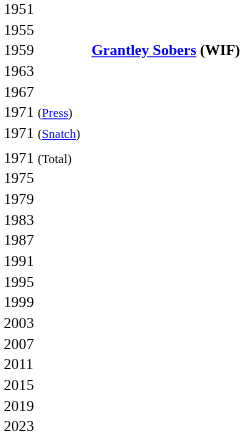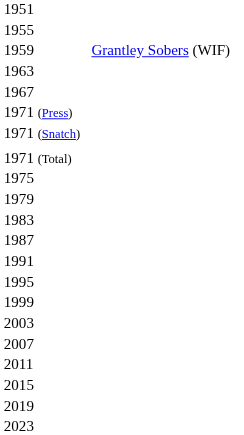 <table>
 <tr>
 <td>1951</td>
 <td></td>
 <td></td>
 <td></td>
 </tr>
 <tr>
 <td>1955</td>
 <td></td>
 <td></td>
 <td></td>
 </tr>
 <tr>
 <td>1959</td>
 <td></td>
 <td></td>
-<td><strong> <a href='#'>Grantley Sobers</a> (WIF)</strong></td>
+<td> <a href='#'>Grantley Sobers</a> (WIF)</td>
 </tr>
 <tr>
 <td>1963</td>
 <td></td>
 <td></td>
 <td></td>
 </tr>
 <tr>
 <td>1967</td>
 <td></td>
 <td></td>
 <td></td>
 </tr>
 <tr>
 <td>1971 <small>(<a href='#'>Press</a>)</small></td>
 <td></td>
 <td></td>
 <td></td>
 </tr>
 <tr>
 <td>1971 <small>(<a href='#'>Snatch</a>)</small></td>
 <td></td>
 <td></td>
 <td></td>
 </tr>
 <tr>
 <td></td>
 <td></td>
 <td></td>
 <td></td>
 </tr>
 <tr>
 <td>1971 <small>(Total)</small></td>
 <td></td>
 <td></td>
 <td></td>
 </tr>
 <tr>
 <td>1975</td>
 <td></td>
 <td></td>
 <td></td>
 </tr>
 <tr>
 <td>1979</td>
 <td></td>
 <td></td>
 <td></td>
 </tr>
 <tr>
 <td>1983</td>
 <td></td>
 <td></td>
 <td></td>
 </tr>
 <tr>
 <td>1987</td>
 <td></td>
 <td></td>
 <td></td>
 </tr>
 <tr>
 <td>1991</td>
 <td></td>
 <td></td>
 <td></td>
 </tr>
 <tr>
 <td>1995</td>
 <td></td>
 <td></td>
 <td></td>
 </tr>
 <tr>
 <td>1999</td>
 <td></td>
 <td></td>
 <td></td>
 </tr>
 <tr>
 <td>2003</td>
 <td></td>
 <td></td>
 <td></td>
 </tr>
 <tr>
 <td>2007</td>
 <td align="left"></td>
 <td align="left"></td>
 <td align="left"></td>
 </tr>
 <tr>
 <td>2011<br></td>
 <td></td>
 <td></td>
 <td></td>
 </tr>
 <tr>
 <td>2015<br></td>
 <td></td>
 <td></td>
 <td></td>
 </tr>
 <tr>
 <td>2019<br></td>
 <td></td>
 <td></td>
 <td></td>
 </tr>
 <tr>
 <td>2023<br></td>
 <td></td>
 <td></td>
 <td></td>
 </tr>
 </table>
